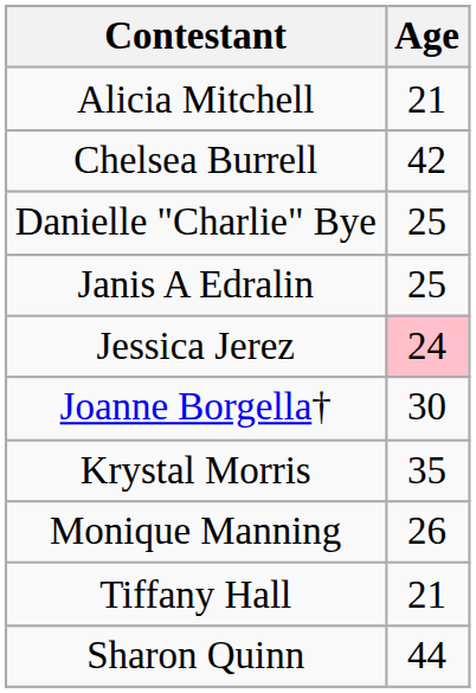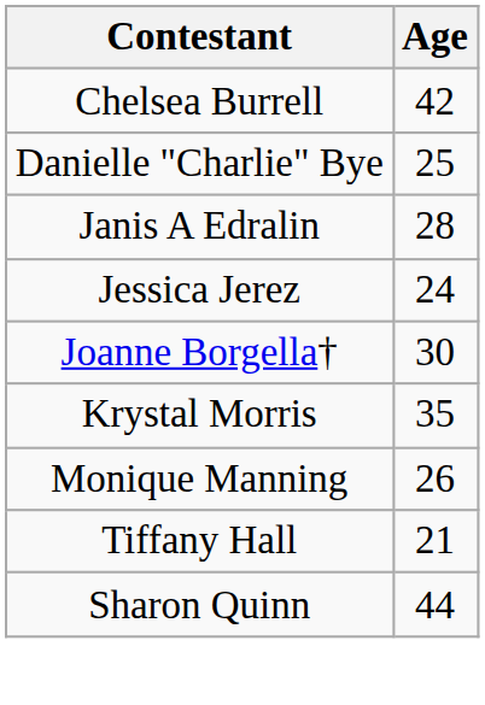 <table class="wikitable sortable" style="text-align:center;">
 <tr>
 <th>Contestant</th>
 <th>Age</th>
-</tr>
-<tr>
-<td>Alicia Mitchell</td>
-<td>21</td>
 </tr>
 <tr>
 <td>Chelsea Burrell</td>
 <td>42</td>
 </tr>
 <tr>
 <td>Danielle "Charlie" Bye</td>
 <td>25</td>
 </tr>
 <tr>
 <td>Janis A Edralin</td>
-<td>25</td>
+<td>28</td>
 </tr>
 <tr>
 <td>Jessica Jerez</td>
-<td style="background: pink;">24</td>
+<td>24</td>
 </tr>
 <tr>
 <td><a href='#'>Joanne Borgella</a>†</td>
 <td>30</td>
 </tr>
 <tr>
 <td>Krystal Morris</td>
 <td>35</td>
 </tr>
 <tr>
 <td>Monique Manning</td>
 <td>26</td>
 </tr>
 <tr>
 <td>Tiffany Hall</td>
 <td>21</td>
 </tr>
 <tr>
 <td>Sharon Quinn</td>
 <td>44</td>
 </tr>
 </table>
